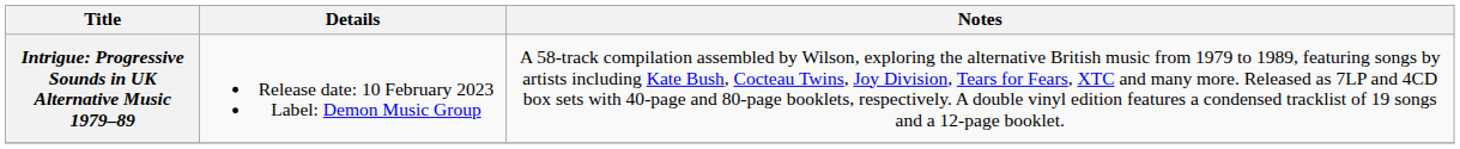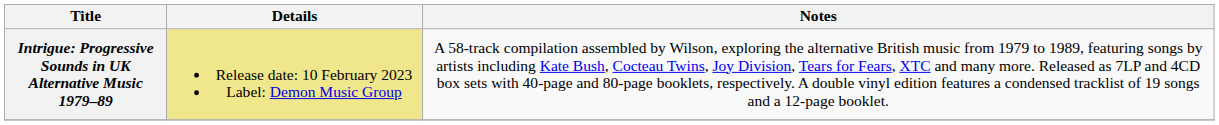 <table class="wikitable plainrowheaders" style="text-align:center;">
 <tr>
 <th scope="col" style="width:10em;">Title</th>
 <th scope="col" style="width:16em;">Details</th>
 <th scope="col">Notes</th>
 </tr>
 <tr>
 <th scope="row"><em>Intrigue: Progressive Sounds in UK Alternative Music 1979–89</em></th>
-<td><br><ul><li>Release date: 10 February 2023</li><li>Label: <a href='#'>Demon Music Group</a></li></ul></td>
+<td style="background: khaki;"><br><ul><li>Release date: 10 February 2023</li><li>Label: <a href='#'>Demon Music Group</a></li></ul></td>
 <td>A 58-track compilation assembled by Wilson, exploring the alternative British music from 1979 to 1989, featuring songs by artists including <a href='#'>Kate Bush</a>, <a href='#'>Cocteau Twins</a>, <a href='#'>Joy Division</a>, <a href='#'>Tears for Fears</a>, <a href='#'>XTC</a> and many more. Released as 7LP and 4CD box sets with 40-page and 80-page booklets, respectively. A double vinyl edition features a condensed tracklist of 19 songs and a 12-page booklet.</td>
 </tr>
 <tr>
 </tr>
 </table>
